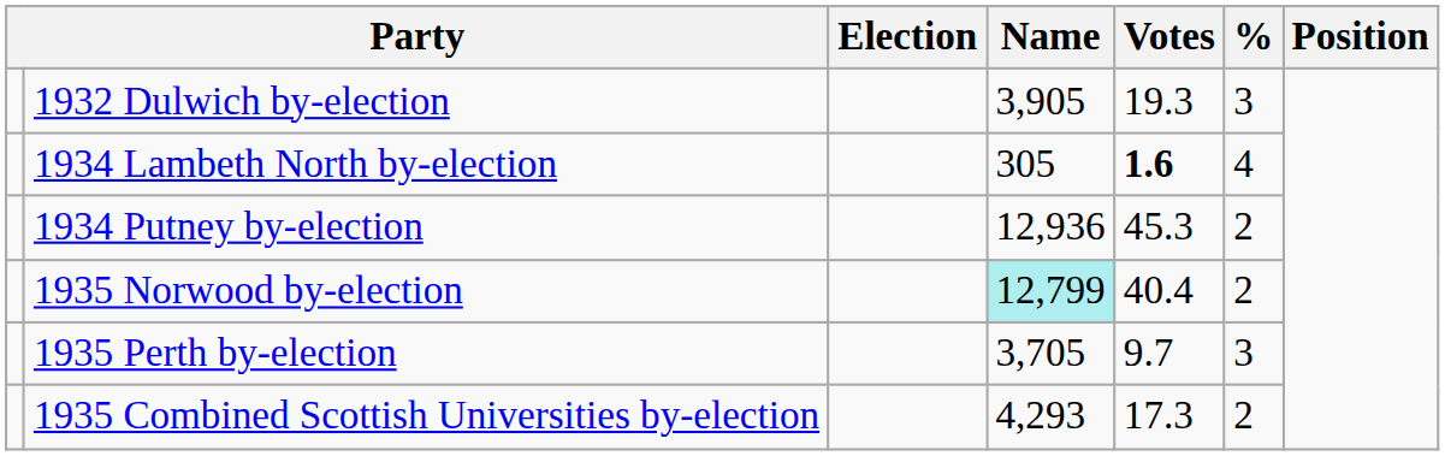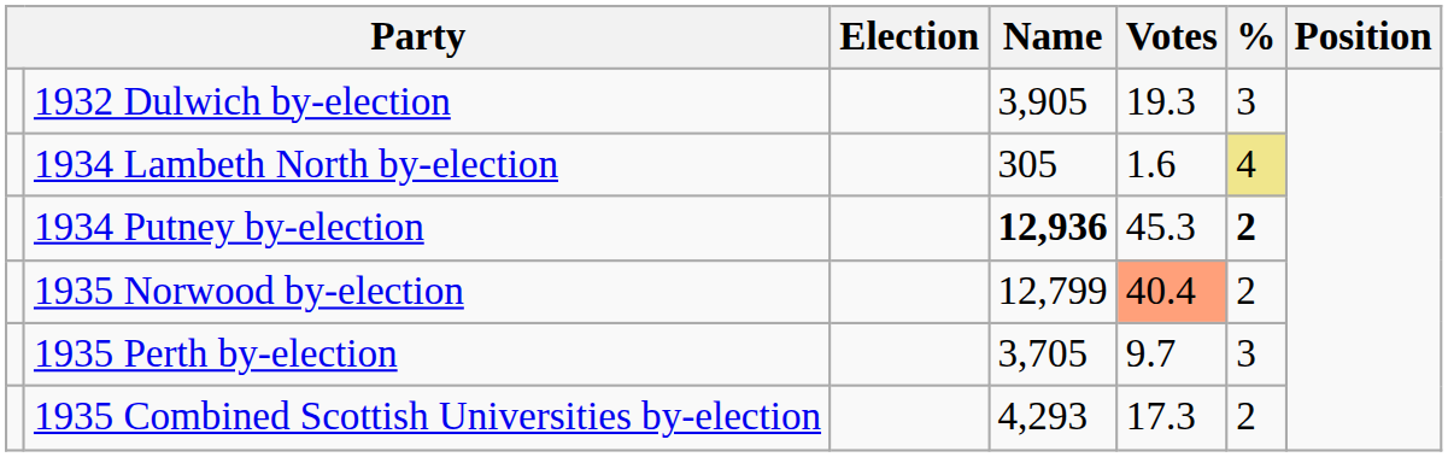 <table class="wikitable sortable">
 <tr>
 <th colspan=2>Party</th>
 <th>Election</th>
 <th>Name</th>
 <th>Votes</th>
 <th>%</th>
 <th>Position</th>
 </tr>
 <tr>
 <td></td>
 <td><a href='#'>1932 Dulwich by-election</a></td>
 <td></td>
 <td>3,905</td>
 <td>19.3</td>
 <td>3</td>
 </tr>
 <tr>
 <td></td>
 <td><a href='#'>1934 Lambeth North by-election</a></td>
 <td></td>
 <td>305</td>
-<td><strong>1.6</strong></td>
-<td>4</td>
+<td>1.6</td>
+<td style="background: khaki;">4</td>
 </tr>
 <tr>
 <td></td>
 <td><a href='#'>1934 Putney by-election</a></td>
 <td></td>
-<td>12,936</td>
+<td><strong>12,936</strong></td>
 <td>45.3</td>
-<td>2</td>
+<td><strong>2</strong></td>
 </tr>
 <tr>
 <td></td>
 <td><a href='#'>1935 Norwood by-election</a></td>
 <td></td>
-<td style="background: paleturquoise;">12,799</td>
-<td>40.4</td>
+<td>12,799</td>
+<td style="background: lightsalmon;">40.4</td>
 <td>2</td>
 </tr>
 <tr>
 <td></td>
 <td><a href='#'>1935 Perth by-election</a></td>
 <td></td>
 <td>3,705</td>
 <td>9.7</td>
 <td>3</td>
 </tr>
 <tr>
 <td></td>
 <td><a href='#'>1935 Combined Scottish Universities by-election</a></td>
 <td></td>
 <td>4,293</td>
 <td>17.3</td>
 <td>2</td>
 </tr>
 </table>
